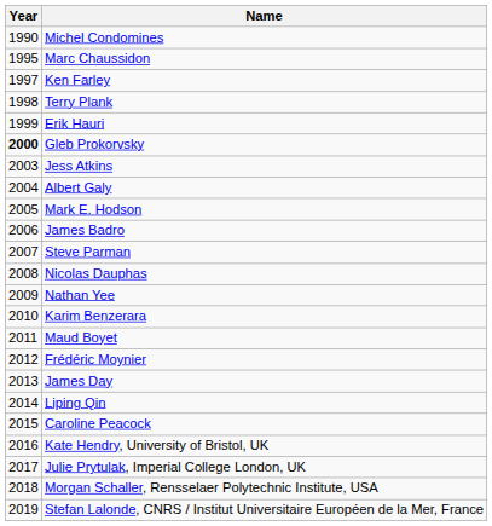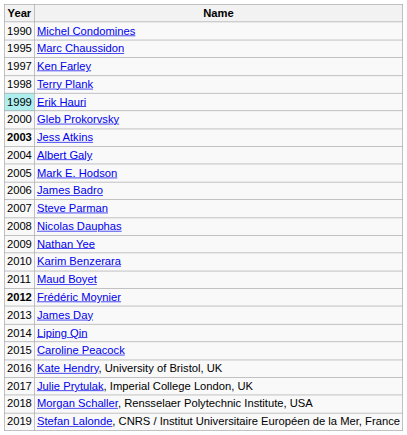 <table class="wikitable" align=center>
 <tr>
 <th>Year</th>
 <th>Name</th>
 </tr>
 <tr>
 <td>1990</td>
 <td><a href='#'>Michel Condomines</a></td>
 </tr>
 <tr>
 <td>1995</td>
 <td><a href='#'>Marc Chaussidon</a></td>
 </tr>
 <tr>
 <td>1997</td>
 <td><a href='#'>Ken Farley</a></td>
 </tr>
 <tr>
 <td>1998</td>
 <td><a href='#'>Terry Plank</a></td>
 </tr>
 <tr>
-<td>1999</td>
+<td style="background: paleturquoise;">1999</td>
 <td><a href='#'>Erik Hauri</a></td>
 </tr>
 <tr>
-<td><strong>2000</strong></td>
+<td>2000</td>
 <td><a href='#'>Gleb Prokorvsky</a></td>
 </tr>
 <tr>
-<td>2003</td>
+<td><strong>2003</strong></td>
 <td><a href='#'>Jess Atkins</a></td>
 </tr>
 <tr>
 <td>2004</td>
 <td><a href='#'>Albert Galy</a></td>
 </tr>
 <tr>
 <td>2005</td>
 <td><a href='#'>Mark E. Hodson</a></td>
 </tr>
 <tr>
 <td>2006</td>
 <td><a href='#'>James Badro</a></td>
 </tr>
 <tr>
 <td>2007</td>
 <td><a href='#'>Steve Parman</a></td>
 </tr>
 <tr>
 <td>2008</td>
 <td><a href='#'>Nicolas Dauphas</a></td>
 </tr>
 <tr>
 <td>2009</td>
 <td><a href='#'>Nathan Yee</a></td>
 </tr>
 <tr>
 <td>2010</td>
 <td><a href='#'>Karim Benzerara</a></td>
 </tr>
 <tr>
 <td>2011</td>
 <td><a href='#'>Maud Boyet</a></td>
 </tr>
 <tr>
-<td>2012</td>
+<td><strong>2012</strong></td>
 <td><a href='#'>Frédéric Moynier</a></td>
 </tr>
 <tr>
 <td>2013</td>
 <td><a href='#'>James Day</a></td>
 </tr>
 <tr>
 <td>2014</td>
 <td><a href='#'>Liping Qin</a></td>
 </tr>
 <tr>
 <td>2015</td>
 <td><a href='#'>Caroline Peacock</a></td>
 </tr>
 <tr>
 <td>2016</td>
 <td><a href='#'>Kate Hendry</a>, University of Bristol, UK</td>
 </tr>
 <tr>
 <td>2017</td>
 <td><a href='#'>Julie Prytulak</a>, Imperial College London, UK</td>
 </tr>
 <tr>
 <td>2018</td>
 <td><a href='#'>Morgan Schaller</a>, Rensselaer Polytechnic Institute, USA</td>
 </tr>
 <tr>
 <td>2019</td>
 <td><a href='#'>Stefan Lalonde</a>, CNRS / Institut Universitaire Européen de la Mer, France</td>
 </tr>
 </table>
